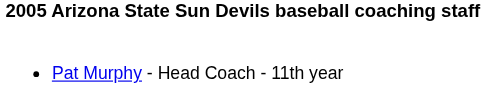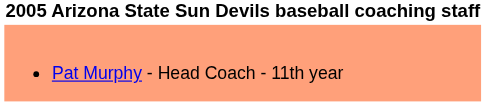 <table class="toccolours">
 <tr>
 <th colspan=9>2005 Arizona State Sun Devils baseball coaching staff</th>
 </tr>
 <tr>
-<td style="text-align: left; font-size: 95%;" valign="top"><br><ul><li><a href='#'>Pat Murphy</a> - Head Coach - 11th year</li></ul></td>
+<td style="background: lightsalmon; text-align: left; font-size: 95%;" valign="top"><br><ul><li><a href='#'>Pat Murphy</a> - Head Coach - 11th year</li></ul></td>
 </tr>
 </table>
